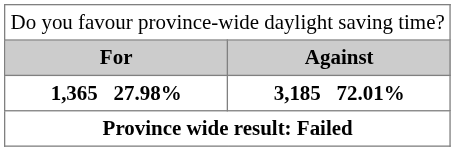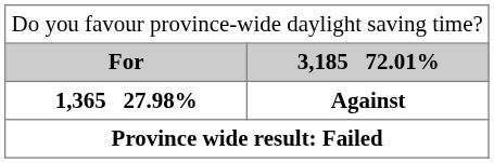 <table border="1" cellpadding="4" cellspacing="0" style="border-collapse: collapse">
 <tr>
 <td colspan="4">Do you favour province-wide daylight saving time?</td>
 </tr>
 <tr bgcolor="CCCCCC">
 <td align="center"><strong>For</strong></td>
-<td align="center"><strong>Against</strong></td>
+<td align="center"><strong>3,185   72.01%</strong></td>
 </tr>
 <tr>
 <td align="center"><strong>1,365   27.98%</strong></td>
-<td align="center"><strong>3,185   72.01%</strong></td>
+<td align="center"><strong>Against</strong></td>
 </tr>
 <tr>
 <td align="center" colspan="2"><strong>Province wide result: Failed</strong></td>
 </tr>
 </table>
